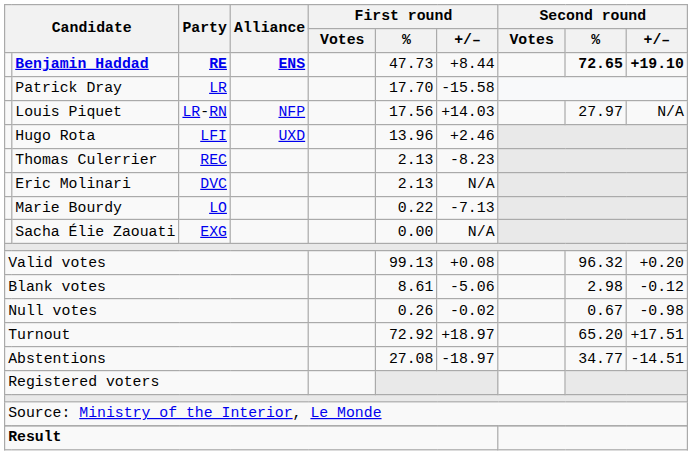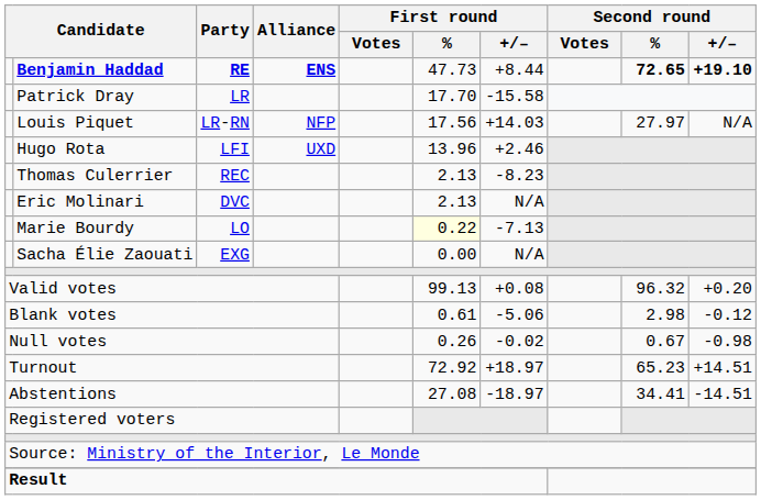 <table class="wikitable" style="text-align:right;font-size:95%;">
 <tr>
 <th rowspan="2" colspan="2">Candidate</th>
 <th rowspan="2">Party</th>
 <th rowspan="2">Alliance</th>
 <th colspan="3">First round</th>
 <th colspan="3">Second round</th>
 </tr>
 <tr>
 <th style="width:50px;">Votes</th>
 <th style="width:45px;">%</th>
 <th style="width:45px;">+/–</th>
 <th style="width:50px;">Votes</th>
 <th style="width:45px;">%</th>
 <th style="width:45px;">+/–</th>
 </tr>
 <tr>
 <td style="color:inherit;background:"></td>
 <td style="text-align:left;"><strong><a href='#'>Benjamin Haddad</a></strong></td>
 <td><a href='#'><strong>RE</strong></a></td>
 <td><a href='#'><strong>ENS</strong></a></td>
 <td></td>
 <td>47.73</td>
 <td>+8.44</td>
 <td><strong></strong></td>
 <td><strong>72.65</strong></td>
 <td><strong>+19.10</strong></td>
 </tr>
 <tr>
 <td style="color:inherit;background:"></td>
 <td style="text-align:left;">Patrick Dray</td>
 <td><a href='#'>LR</a></td>
 <td></td>
 <td></td>
 <td>17.70</td>
 <td>-15.58</td>
 <td colspan="3" style="background:#F8F9FA;"></td>
 </tr>
 <tr>
 <td style="color:inherit;background:"></td>
 <td style="text-align:left;">Louis Piquet</td>
 <td><a href='#'>LR</a>-<a href='#'>RN</a></td>
 <td><a href='#'>NFP</a></td>
 <td></td>
 <td>17.56</td>
 <td>+14.03</td>
 <td></td>
 <td>27.97</td>
 <td>N/A</td>
 </tr>
 <tr>
 <td style="color:inherit;background:"></td>
 <td style="text-align:left;">Hugo Rota</td>
 <td><a href='#'>LFI</a></td>
 <td><a href='#'>UXD</a></td>
 <td></td>
 <td>13.96</td>
 <td>+2.46</td>
 <td colspan="3" style="background:#E9E9E9;"></td>
 </tr>
 <tr>
 <td style="color:inherit;background:"></td>
 <td style="text-align:left;">Thomas Culerrier</td>
 <td><a href='#'>REC</a></td>
 <td></td>
 <td></td>
 <td>2.13</td>
 <td>-8.23</td>
 <td colspan="3" style="background:#E9E9E9;"></td>
 </tr>
 <tr>
 <td style="color:inherit;background:"></td>
 <td style="text-align:left;">Eric Molinari</td>
 <td><a href='#'>DVC</a></td>
 <td></td>
 <td></td>
 <td>2.13</td>
 <td>N/A</td>
 <td colspan="3" style="background:#E9E9E9;"></td>
 </tr>
 <tr>
 <td style="color:inherit;background:"></td>
 <td style="text-align:left;">Marie Bourdy</td>
 <td><a href='#'>LO</a></td>
 <td></td>
 <td></td>
-<td>0.22</td>
+<td style="background: lightyellow;">0.22</td>
 <td>-7.13</td>
 <td colspan="3" style="background:#E9E9E9;"></td>
 </tr>
 <tr>
 <td style="color:inherit;background:"></td>
 <td style="text-align:left;">Sacha Élie Zaouati</td>
 <td><a href='#'>EXG</a></td>
 <td></td>
 <td></td>
 <td>0.00</td>
 <td>N/A</td>
 <td colspan="3" style="background:#E9E9E9;"></td>
 </tr>
 <tr>
 <td colspan="10" style="background:#E9E9E9;"></td>
 </tr>
 <tr>
 <td colspan="4" style="text-align:left;">Valid votes</td>
 <td></td>
 <td>99.13</td>
 <td>+0.08</td>
 <td></td>
 <td>96.32</td>
 <td>+0.20</td>
 </tr>
 <tr>
 <td colspan="4" style="text-align:left;">Blank votes</td>
 <td></td>
-<td>8.61</td>
+<td>0.61</td>
 <td>-5.06</td>
 <td></td>
 <td>2.98</td>
 <td>-0.12</td>
 </tr>
 <tr>
 <td colspan="4" style="text-align:left;">Null votes</td>
 <td></td>
 <td>0.26</td>
 <td>-0.02</td>
 <td></td>
 <td>0.67</td>
 <td>-0.98</td>
 </tr>
 <tr>
 <td colspan="4" style="text-align:left;">Turnout</td>
 <td></td>
 <td>72.92</td>
 <td>+18.97</td>
 <td></td>
-<td>65.20</td>
-<td>+17.51</td>
+<td>65.23</td>
+<td>+14.51</td>
 </tr>
 <tr>
 <td colspan="4" style="text-align:left;">Abstentions</td>
 <td></td>
 <td>27.08</td>
 <td>-18.97</td>
 <td></td>
-<td>34.77</td>
+<td>34.41</td>
 <td>-14.51</td>
 </tr>
 <tr>
 <td colspan="4" style="text-align:left;">Registered voters</td>
 <td></td>
 <td colspan="2" style="background:#E9E9E9;"></td>
 <td></td>
 <td colspan="2" style="background:#E9E9E9;"></td>
 </tr>
 <tr>
 <td colspan="10" style="background:#E9E9E9;"></td>
 </tr>
 <tr>
 <td colspan="10" style="text-align:left;">Source: <a href='#'>Ministry of the Interior</a>, <a href='#'>Le Monde</a></td>
 </tr>
 <tr>
 </tr>
 <tr style="font-weight:bold">
 <td colspan="7" style="text-align:left;">Result</td>
 <td colspan="7" style="background-color:"></td>
 </tr>
 </table>
